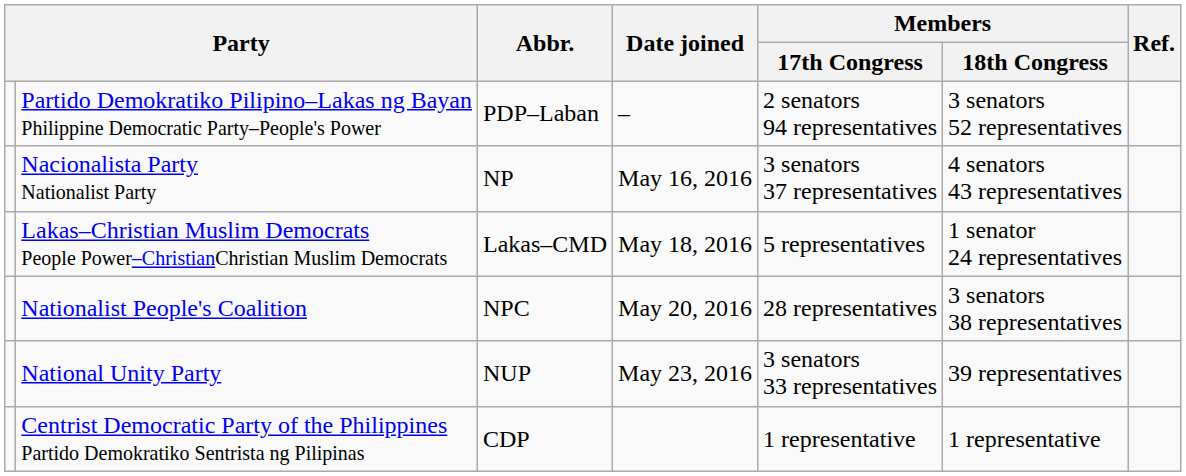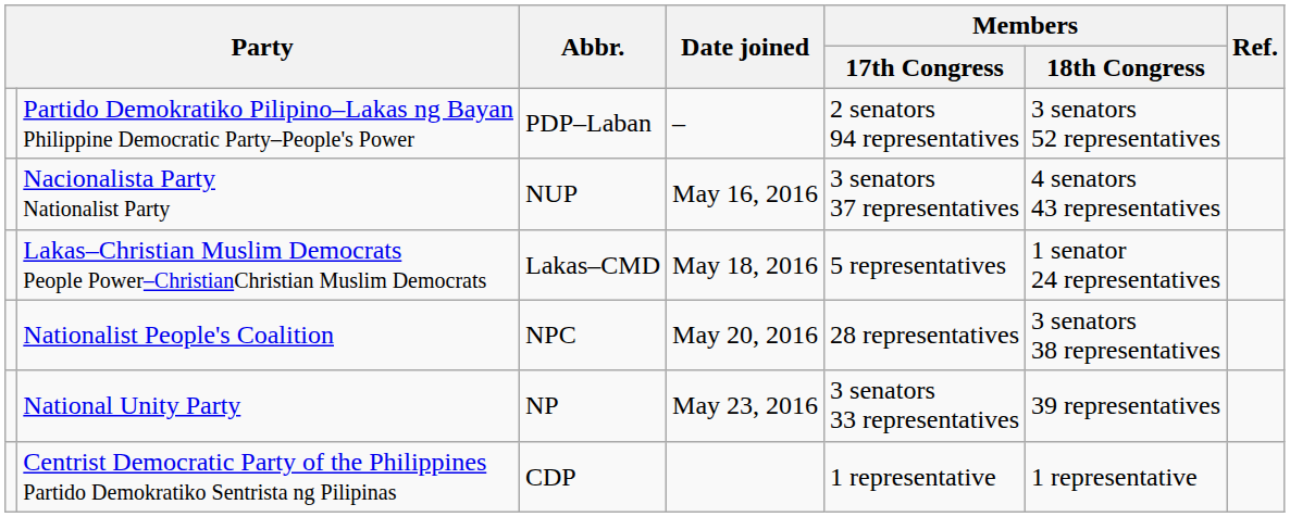 <table class="wikitable">
 <tr>
 <th colspan="2" rowspan="2">Party</th>
 <th rowspan="2">Abbr.</th>
 <th rowspan="2">Date joined</th>
 <th colspan="2">Members</th>
 <th rowspan="2">Ref.</th>
 </tr>
 <tr>
 <th>17th Congress</th>
 <th>18th Congress</th>
 </tr>
 <tr>
 <td style="background:"></td>
 <td><a href='#'>Partido Demokratiko Pilipino–Lakas ng Bayan</a><br><small>Philippine Democratic Party–People's Power</small></td>
 <td>PDP–Laban</td>
 <td>–</td>
 <td>2 senators<br>94 representatives</td>
 <td>3 senators<br>52 representatives</td>
 <td></td>
 </tr>
 <tr>
 <td style="background:"></td>
 <td><a href='#'>Nacionalista Party</a><br><small>Nationalist Party</small></td>
-<td>NP</td>
+<td>NUP</td>
 <td>May 16, 2016</td>
 <td>3 senators<br>37 representatives</td>
 <td>4 senators<br>43 representatives</td>
 <td></td>
 </tr>
 <tr>
 <td style="background:"></td>
 <td><a href='#'>Lakas–Christian Muslim Democrats</a><br><small>People Power<a href='#'>–Christian</a>Christian Muslim Democrats</small></td>
 <td>Lakas–CMD</td>
 <td>May 18, 2016</td>
 <td>5 representatives</td>
 <td>1 senator<br>24 representatives</td>
 <td></td>
 </tr>
 <tr>
 <td style="background:"></td>
 <td><a href='#'>Nationalist People's Coalition</a></td>
 <td>NPC</td>
 <td>May 20, 2016</td>
 <td>28 representatives</td>
 <td>3 senators<br>38 representatives</td>
 <td></td>
 </tr>
 <tr>
 <td style="background:"></td>
 <td><a href='#'>National Unity Party</a></td>
-<td>NUP</td>
+<td>NP</td>
 <td>May 23, 2016</td>
 <td>3 senators<br>33 representatives</td>
 <td>39 representatives</td>
 <td></td>
 </tr>
 <tr>
 <td style="background:"></td>
 <td><a href='#'>Centrist Democratic Party of the Philippines</a><br><small>Partido Demokratiko Sentrista ng Pilipinas</small></td>
 <td>CDP</td>
 <td></td>
 <td>1 representative</td>
 <td>1 representative</td>
 <td></td>
 </tr>
 </table>
